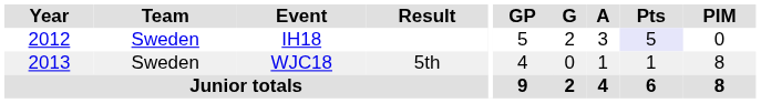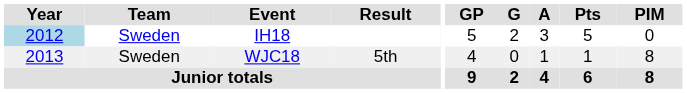 <table border="0" cellpadding="1" cellspacing="0" ID="Table3" style="text-align:center; width:40em">
 <tr ALIGN="center" bgcolor="#e0e0e0">
 <th>Year</th>
 <th>Team</th>
 <th>Event</th>
 <th>Result</th>
 <th rowspan="99" bgcolor="#ffffff"></th>
 <th>GP</th>
 <th>G</th>
 <th>A</th>
 <th>Pts</th>
 <th>PIM</th>
 </tr>
 <tr>
-<td><a href='#'>2012</a></td>
+<td style="background: lightblue;"><a href='#'>2012</a></td>
 <td><a href='#'>Sweden</a></td>
 <td><a href='#'>IH18</a></td>
 <td></td>
 <td>5</td>
 <td>2</td>
 <td>3</td>
-<td style="background: lavender;">5</td>
+<td>5</td>
 <td>0</td>
 </tr>
 <tr bgcolor="#f0f0f0">
 <td><a href='#'>2013</a></td>
 <td>Sweden</td>
 <td><a href='#'>WJC18</a></td>
 <td>5th</td>
 <td>4</td>
 <td>0</td>
 <td>1</td>
 <td>1</td>
 <td>8</td>
 </tr>
 <tr bgcolor="#e0e0e0">
 <th colspan="4">Junior totals</th>
 <th>9</th>
 <th>2</th>
 <th>4</th>
 <th>6</th>
 <th>8</th>
 </tr>
 </table>
